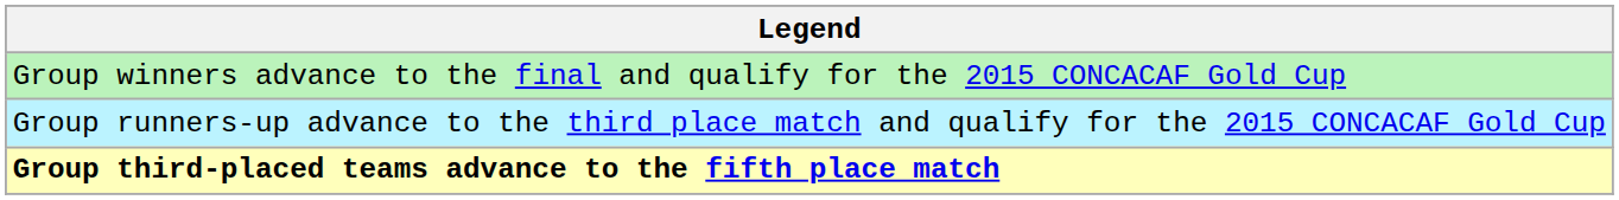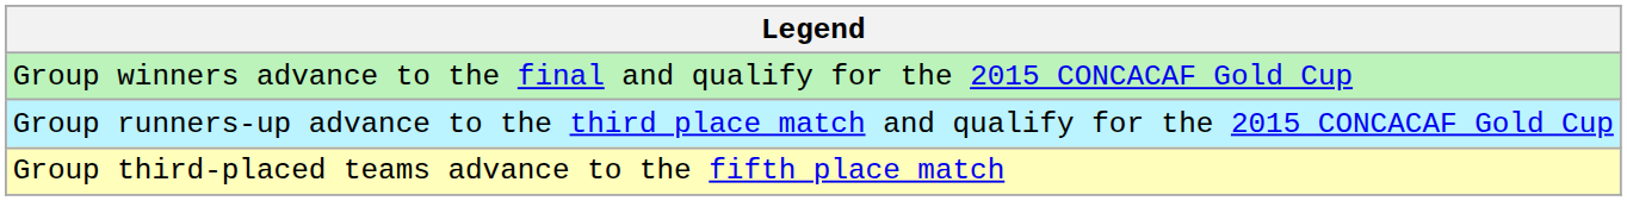 <table class="wikitable">
 <tr>
 <th>Legend</th>
 </tr>
 <tr bgcolor=#BBF3BB>
 <td>Group winners advance to the <a href='#'>final</a> and qualify for the <a href='#'>2015 CONCACAF Gold Cup</a></td>
 </tr>
 <tr bgcolor=#BBF3FF>
 <td>Group runners-up advance to the <a href='#'>third place match</a> and qualify for the <a href='#'>2015 CONCACAF Gold Cup</a></td>
 </tr>
 <tr bgcolor=#FFFFBB>
-<td><strong>Group third-placed teams advance to the <a href='#'>fifth place match</a></strong></td>
+<td>Group third-placed teams advance to the <a href='#'>fifth place match</a></td>
 </tr>
 </table>
